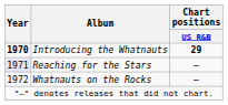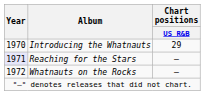 <table class="wikitable" style="text-align:center;">
 <tr>
 <th rowspan="2">Year</th>
 <th rowspan="2">Album</th>
 <th colspan="1">Chart positions</th>
 </tr>
 <tr>
 <th width="40" style="width:3.1em;font-size:90%;"><a href='#'>US R&B</a><br></th>
 </tr>
 <tr>
-<td rowspan="1"><strong>1970</strong></td>
+<td rowspan="1">1970</td>
 <td align="left"><em>Introducing the Whatnauts</em></td>
-<td><strong>29</strong></td>
+<td>29</td>
 </tr>
 <tr>
 <td rowspan="1" style="background: lavender;">1971</td>
 <td align="left"><em>Reaching for the Stars</em></td>
 <td>—</td>
 </tr>
 <tr>
 <td rowspan="1">1972</td>
 <td align="left"><em>Whatnauts on the Rocks</em></td>
 <td>—</td>
 </tr>
 <tr>
 <td colspan="6" style="text-align:center; font-size:9pt;">"—" denotes releases that did not chart.</td>
 </tr>
 </table>
